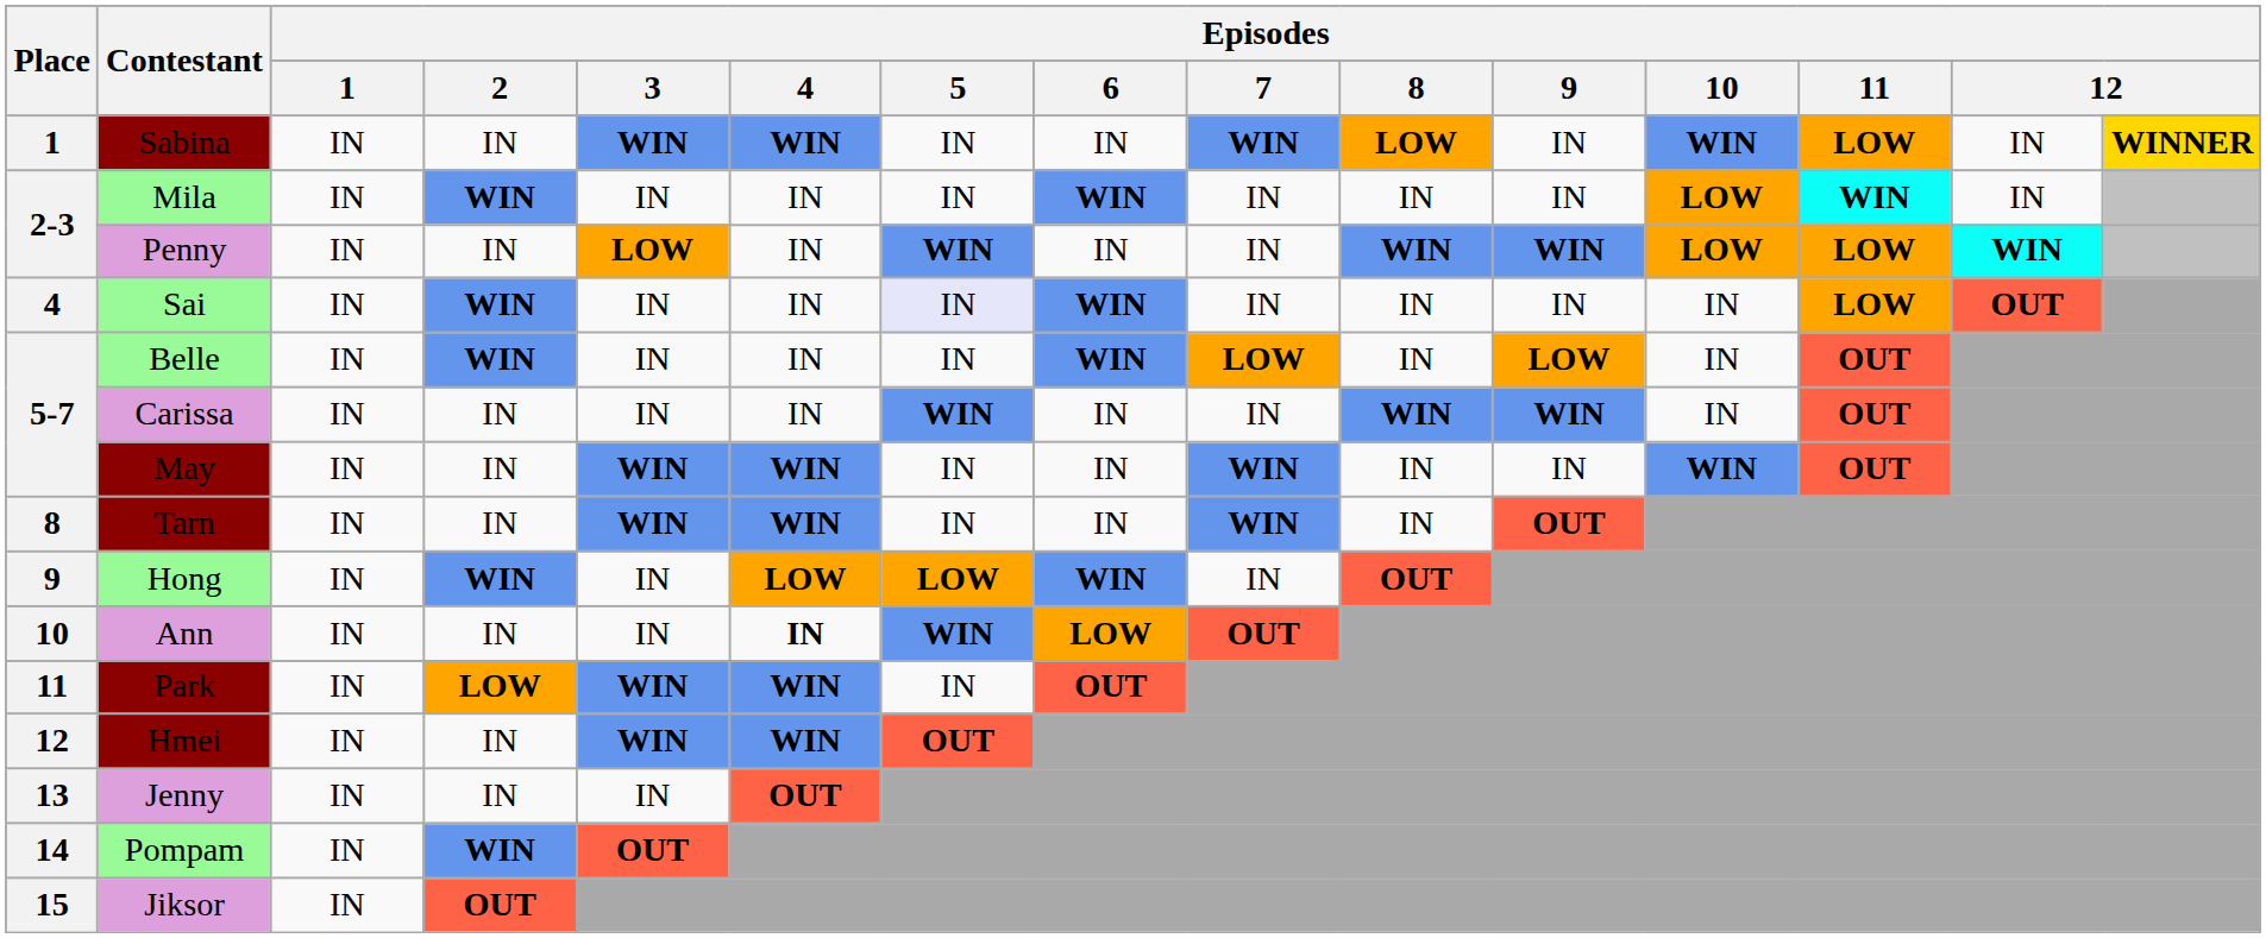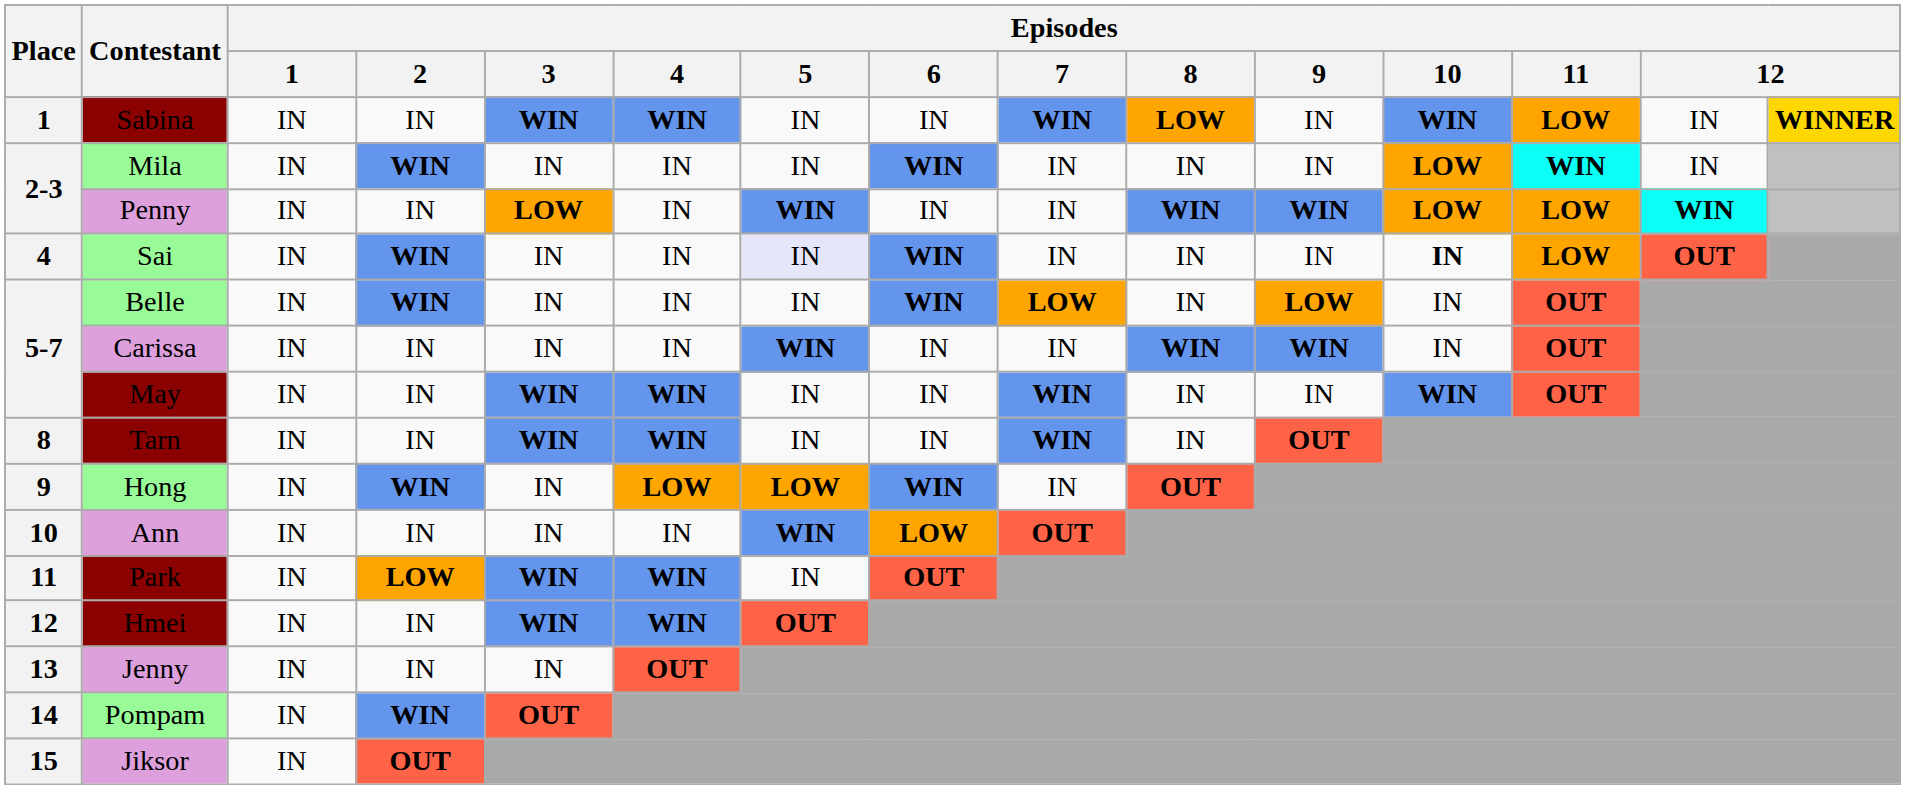 <table class="wikitable" style="text-align:center; font-size:92%">
 <tr>
 <th rowspan=2>Place</th>
 <th rowspan=2>Contestant</th>
 <th colspan=13>Episodes</th>
 </tr>
 <tr>
 <th style="width:60px;">1</th>
 <th style="width:60px;">2</th>
 <th style="width:60px;">3</th>
 <th style="width:60px;">4</th>
 <th style="width:60px;">5</th>
 <th style="width:60px;">6</th>
 <th style="width:60px;">7</th>
 <th style="width:60px;">8</th>
 <th style="width:60px;">9</th>
 <th style="width:60px;">10</th>
 <th style="width:60px;">11</th>
 <th colspan=2>12</th>
 </tr>
 <tr>
 <th>1</th>
 <td style="background:darkred;"><span>Sabina</span></td>
 <td>IN</td>
 <td>IN</td>
 <td style="background:cornflowerblue;"><strong>WIN</strong></td>
 <td style="background:cornflowerblue;"><strong>WIN</strong></td>
 <td>IN</td>
 <td>IN</td>
 <td style="background:cornflowerblue;"><strong>WIN</strong></td>
 <td style="background:orange;"><strong>LOW</strong></td>
 <td>IN</td>
 <td style="background:cornflowerblue;"><strong>WIN</strong></td>
 <td style="background:orange;"><strong>LOW</strong></td>
 <td width="60">IN</td>
 <td style="background:gold;"><strong>WINNER</strong></td>
 </tr>
 <tr>
 <th rowspan=2>2-3</th>
 <td style="background:palegreen;">Mila</td>
 <td>IN</td>
 <td style="background:cornflowerblue;"><strong>WIN</strong></td>
 <td>IN</td>
 <td>IN</td>
 <td>IN</td>
 <td style="background:cornflowerblue;"><strong>WIN</strong></td>
 <td>IN</td>
 <td>IN</td>
 <td>IN</td>
 <td style="background:orange;"><strong>LOW</strong></td>
 <td style="background:#0cfff7;"><strong>WIN</strong></td>
 <td>IN</td>
 <td width="60" style="background:silver;"></td>
 </tr>
 <tr>
 <td style="background:plum;">Penny</td>
 <td>IN</td>
 <td>IN</td>
 <td style="background:orange;"><strong>LOW</strong></td>
 <td>IN</td>
 <td style="background:cornflowerblue;"><strong>WIN</strong></td>
 <td>IN</td>
 <td>IN</td>
 <td style="background:cornflowerblue;"><strong>WIN</strong></td>
 <td style="background:cornflowerblue;"><strong>WIN</strong></td>
 <td style="background:orange;"><strong>LOW</strong></td>
 <td style="background:orange;"><strong>LOW</strong></td>
 <td style="background:#0cfff7;"><strong>WIN</strong></td>
 <td width="60" style="background:silver;"></td>
 </tr>
 <tr>
 <th>4</th>
 <td style="background:palegreen;">Sai</td>
 <td>IN</td>
 <td style="background:cornflowerblue;"><strong>WIN</strong></td>
 <td>IN</td>
 <td>IN</td>
 <td style="background: lavender;">IN</td>
 <td style="background:cornflowerblue;"><strong>WIN</strong></td>
 <td>IN</td>
 <td>IN</td>
 <td>IN</td>
-<td>IN</td>
+<td><strong>IN</strong></td>
 <td style="background:orange;"><strong>LOW</strong></td>
 <td style="background:tomato;"><strong>OUT</strong></td>
 <td style="background:darkgrey;" colspan=1></td>
 </tr>
 <tr>
 <th rowspan=3>5-7</th>
 <td style="background:palegreen;">Belle</td>
 <td>IN</td>
 <td style="background:cornflowerblue;"><strong>WIN</strong></td>
 <td>IN</td>
 <td>IN</td>
 <td>IN</td>
 <td style="background:cornflowerblue;"><strong>WIN</strong></td>
 <td style="background:orange;"><strong>LOW</strong></td>
 <td>IN</td>
 <td style="background:orange;"><strong>LOW</strong></td>
 <td>IN</td>
 <td width="60" style="background:tomato;"><strong>OUT</strong></td>
 <td style="background:darkgrey;" colspan=2></td>
 </tr>
 <tr>
 <td style="background:plum;">Carissa</td>
 <td>IN</td>
 <td>IN</td>
 <td>IN</td>
 <td>IN</td>
 <td style="background:cornflowerblue;"><strong>WIN</strong></td>
 <td>IN</td>
 <td>IN</td>
 <td style="background:cornflowerblue;"><strong>WIN</strong></td>
 <td style="background:cornflowerblue;"><strong>WIN</strong></td>
 <td>IN</td>
 <td width="60" style="background:tomato;"><strong>OUT</strong></td>
 <td style="background:darkgrey;" colspan=2></td>
 </tr>
 <tr>
 <td style="background:darkred;"><span>May</span></td>
 <td>IN</td>
 <td>IN</td>
 <td style="background:cornflowerblue;"><strong>WIN</strong></td>
 <td style="background:cornflowerblue;"><strong>WIN</strong></td>
 <td>IN</td>
 <td>IN</td>
 <td style="background:cornflowerblue;"><strong>WIN</strong></td>
 <td>IN</td>
 <td>IN</td>
 <td style="background:cornflowerblue;"><strong>WIN</strong></td>
 <td width="60" style="background:tomato;"><strong>OUT</strong></td>
 <td style="background:darkgrey;" colspan=2></td>
 </tr>
 <tr>
 <th>8</th>
 <td style="background:darkred;"><span>Tarn</span></td>
 <td>IN</td>
 <td>IN</td>
 <td style="background:cornflowerblue;"><strong>WIN</strong></td>
 <td style="background:cornflowerblue;"><strong>WIN</strong></td>
 <td>IN</td>
 <td>IN</td>
 <td style="background:cornflowerblue;"><strong>WIN</strong></td>
 <td>IN</td>
 <td width="60" style="background:tomato;"><strong>OUT</strong></td>
 <td style="background:darkgrey;" colspan=4></td>
 </tr>
 <tr>
 <th>9</th>
 <td style="background:palegreen;">Hong</td>
 <td>IN</td>
 <td style="background:cornflowerblue;"><strong>WIN</strong></td>
 <td>IN</td>
 <td style="background:orange;"><strong>LOW</strong></td>
 <td style="background:orange;"><strong>LOW</strong></td>
 <td style="background:cornflowerblue;"><strong>WIN</strong></td>
 <td>IN</td>
 <td width="60" style="background:tomato;"><strong>OUT</strong></td>
 <td style="background:darkgrey;" colspan=5></td>
 </tr>
 <tr>
 <th>10</th>
 <td style="background:plum;">Ann</td>
 <td>IN</td>
 <td>IN</td>
 <td>IN</td>
-<td><strong>IN</strong></td>
+<td>IN</td>
 <td style="background:cornflowerblue;"><strong>WIN</strong></td>
 <td style="background:orange;"><strong>LOW</strong></td>
 <td width="60" style="background:tomato;"><strong>OUT</strong></td>
 <td style="background:darkgrey;" colspan=6></td>
 </tr>
 <tr>
 <th>11</th>
 <td style="background:darkred;"><span>Park</span></td>
 <td>IN</td>
 <td style="background:orange;"><strong>LOW</strong></td>
 <td style="background:cornflowerblue;"><strong>WIN</strong></td>
 <td style="background:cornflowerblue;"><strong>WIN</strong></td>
 <td>IN</td>
 <td width="60" style="background:tomato;"><strong>OUT</strong></td>
 <td style="background:darkgrey;" colspan=7></td>
 </tr>
 <tr>
 <th>12</th>
 <td style="background:darkred;"><span>Hmei</span></td>
 <td>IN</td>
 <td>IN</td>
 <td style="background:cornflowerblue;"><strong>WIN</strong></td>
 <td style="background:cornflowerblue;"><strong>WIN</strong></td>
 <td width="60" style="background:tomato;"><strong>OUT</strong></td>
 <td style="background:darkgrey;" colspan=8></td>
 </tr>
 <tr>
 <th>13</th>
 <td style="background:plum;">Jenny</td>
 <td>IN</td>
 <td>IN</td>
 <td>IN</td>
 <td width="60" style="background:tomato;"><strong>OUT</strong></td>
 <td style="background:darkgrey;" colspan=9></td>
 </tr>
 <tr>
 <th>14</th>
 <td style="background:palegreen;">Pompam</td>
 <td>IN</td>
 <td style="background:cornflowerblue;"><strong>WIN</strong></td>
 <td width="60" style="background:tomato;"><strong>OUT</strong></td>
 <td style="background:darkgrey;" colspan=10></td>
 </tr>
 <tr>
 <th>15</th>
 <td style="background:plum;">Jiksor</td>
 <td>IN</td>
 <td width="60" style="background:tomato;"><strong>OUT</strong></td>
 <td style="background:darkgrey;" colspan=11></td>
 </tr>
 </table>
